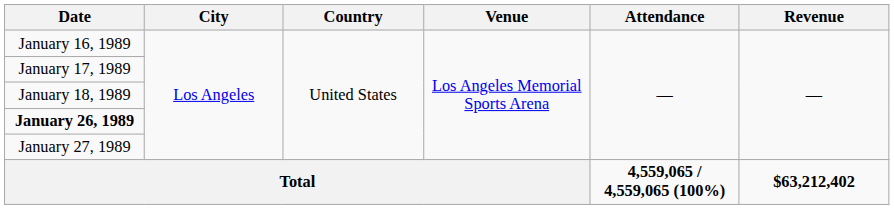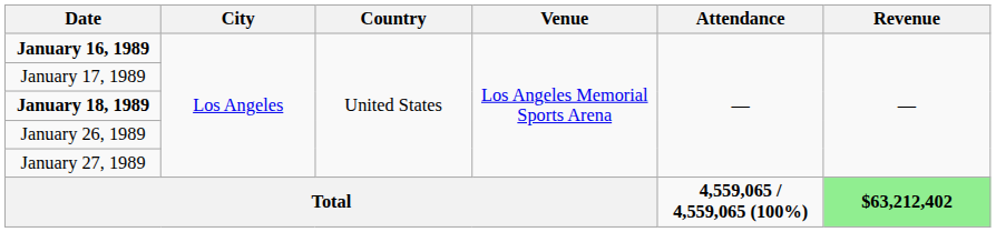 <table class="wikitable" style="text-align:center;">
 <tr>
 <th style="width:180px;">Date</th>
 <th style="width:180px;">City</th>
 <th style="width:180px;">Country</th>
 <th style="width:220px;">Venue</th>
 <th style="width:180px;">Attendance</th>
 <th style="width:180px;">Revenue</th>
 </tr>
 <tr>
-<td>January 16, 1989</td>
+<td><strong>January 16, 1989</strong></td>
 <td rowspan="5"><a href='#'>Los Angeles</a></td>
 <td rowspan="5">United States</td>
 <td rowspan="5"><a href='#'>Los Angeles Memorial Sports Arena</a></td>
 <td rowspan="5">—</td>
 <td rowspan="5">—</td>
 </tr>
 <tr>
 <td>January 17, 1989</td>
 </tr>
 <tr>
-<td>January 18, 1989</td>
+<td><strong>January 18, 1989</strong></td>
 </tr>
 <tr>
-<td><strong>January 26, 1989</strong></td>
+<td>January 26, 1989</td>
 </tr>
 <tr>
 <td>January 27, 1989</td>
 </tr>
 <tr>
 <th colspan="4">Total</th>
 <td><strong>4,559,065 / 4,559,065 (100%)</strong></td>
-<td><strong>$63,212,402</strong></td>
+<td style="background: lightgreen;"><strong>$63,212,402</strong></td>
 </tr>
 </table>
